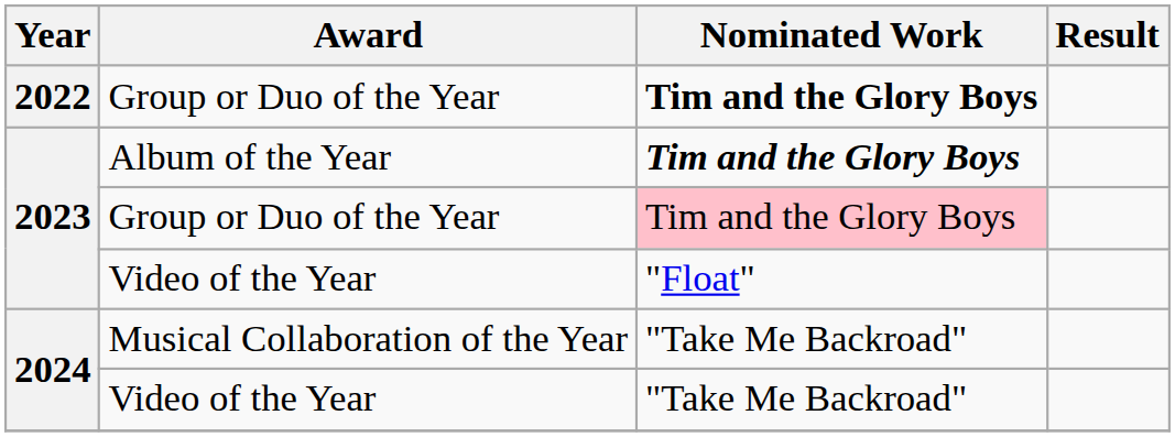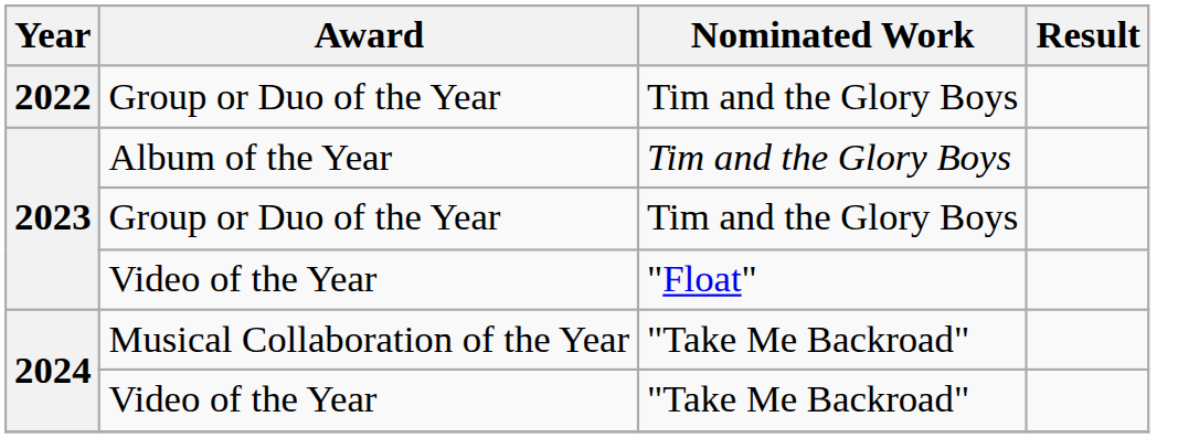 <table class="wikitable">
 <tr>
 <th>Year</th>
 <th>Award</th>
 <th>Nominated Work</th>
 <th>Result</th>
 </tr>
 <tr>
 <th>2022</th>
 <td>Group or Duo of the Year</td>
-<td><strong>Tim and the Glory Boys</strong></td>
+<td>Tim and the Glory Boys</td>
 <td></td>
 </tr>
 <tr>
 <th rowspan="3">2023</th>
 <td>Album of the Year</td>
-<td><strong><em>Tim and the Glory Boys</em></strong></td>
+<td><em>Tim and the Glory Boys</em></td>
 <td></td>
 </tr>
 <tr>
 <td>Group or Duo of the Year</td>
-<td style="background: pink;">Tim and the Glory Boys</td>
+<td>Tim and the Glory Boys</td>
 <td></td>
 </tr>
 <tr>
 <td>Video of the Year</td>
 <td>"<a href='#'>Float</a>"</td>
 <td></td>
 </tr>
 <tr>
 <th rowspan="2">2024</th>
 <td>Musical Collaboration of the Year</td>
 <td>"Take Me Backroad"</td>
 <td></td>
 </tr>
 <tr>
 <td>Video of the Year</td>
 <td>"Take Me Backroad"</td>
 <td></td>
 </tr>
 <tr>
 </tr>
 </table>
